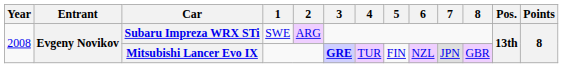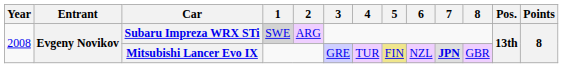 <table class="wikitable" style="text-align:center; font-size:85%">
 <tr>
 <th>Year</th>
 <th>Entrant</th>
 <th>Car</th>
 <th>1</th>
 <th>2</th>
 <th>3</th>
 <th>4</th>
 <th>5</th>
 <th>6</th>
 <th>7</th>
 <th>8</th>
 <th>Pos.</th>
 <th>Points</th>
 </tr>
 <tr>
 <td rowspan=2><a href='#'>2008</a></td>
 <th rowspan=2 nowrap>Evgeny Novikov</th>
 <th nowrap><a href='#'>Subaru Impreza WRX STi</a></th>
-<td><a href='#'>SWE</a></td>
+<td style="background: lightgrey;"><a href='#'>SWE</a></td>
 <td style="background:#efcfff;"><a href='#'>ARG</a><br></td>
 <td colspan=6></td>
 <th rowspan=2>13th</th>
 <th rowspan=2>8</th>
 </tr>
 <tr>
 <th nowrap><a href='#'>Mitsubishi Lancer Evo IX</a></th>
 <td colspan=2></td>
-<td style="background:#cfcfff;"><strong><a href='#'>GRE</a><br></strong></td>
+<td style="background:#cfcfff;"><a href='#'>GRE</a><br></td>
 <td style="background:#efcfff;"><a href='#'>TUR</a><br></td>
-<td><a href='#'>FIN</a></td>
+<td style="background: khaki;"><a href='#'>FIN</a></td>
 <td style="background:#efcfff;"><a href='#'>NZL</a><br></td>
-<td style="background:#dfdfdf;"><a href='#'>JPN</a><br></td>
+<td style="background:#dfdfdf;"><strong><a href='#'>JPN</a><br></strong></td>
 <td style="background:#efcfff;"><a href='#'>GBR</a><br></td>
 </tr>
 </table>
